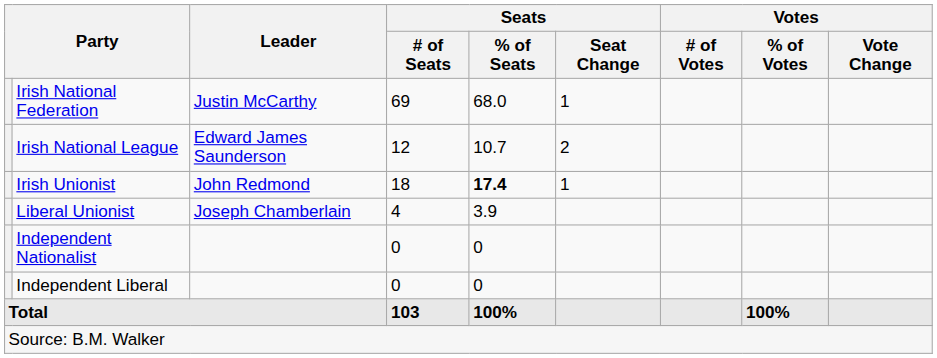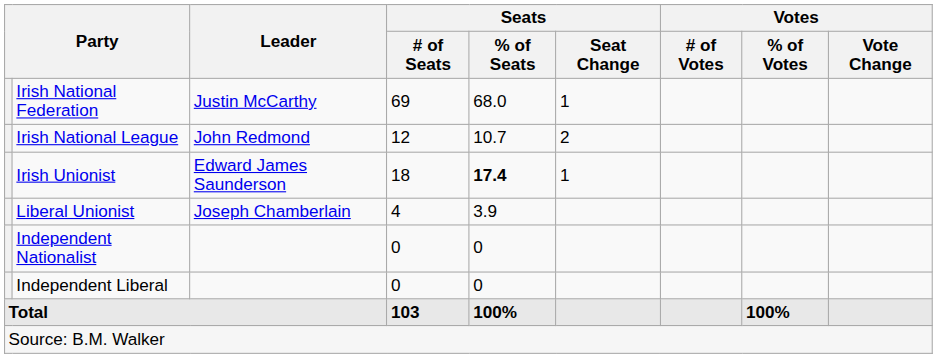 <table class="wikitable">
 <tr>
 <th rowspan="2" colspan="2">Party</th>
 <th rowspan="2">Leader</th>
 <th colspan="3">Seats</th>
 <th colspan="3">Votes</th>
 </tr>
 <tr>
 <th># of Seats</th>
 <th>% of Seats</th>
 <th>Seat Change</th>
 <th># of Votes</th>
 <th>% of Votes</th>
 <th>Vote Change</th>
 </tr>
 <tr>
 <th style="background-color: "></th>
 <td><a href='#'>Irish National Federation</a></td>
 <td><a href='#'>Justin McCarthy</a></td>
 <td>69</td>
 <td>68.0</td>
 <td>1</td>
 <td></td>
 <td></td>
 <td></td>
 </tr>
 <tr>
 <th style="background-color: "></th>
 <td><a href='#'>Irish National League</a></td>
-<td><a href='#'>Edward James Saunderson</a></td>
+<td><a href='#'>John Redmond</a></td>
 <td>12</td>
 <td>10.7</td>
 <td>2</td>
 <td></td>
 <td></td>
 <td></td>
 </tr>
 <tr>
 <th style="background-color: "></th>
 <td><a href='#'>Irish Unionist</a></td>
-<td><a href='#'>John Redmond</a></td>
+<td><a href='#'>Edward James Saunderson</a></td>
 <td>18</td>
 <td><strong>17.4</strong></td>
 <td>1</td>
 <td></td>
 <td></td>
 <td></td>
 </tr>
 <tr>
 <th style="background-color: "></th>
 <td><a href='#'>Liberal Unionist</a></td>
 <td><a href='#'>Joseph Chamberlain</a></td>
 <td>4</td>
 <td>3.9</td>
 <td></td>
 <td></td>
 <td></td>
 <td></td>
 </tr>
 <tr>
 <th style="background-color: "></th>
 <td><a href='#'>Independent Nationalist</a></td>
 <td></td>
 <td>0</td>
 <td>0</td>
 <td></td>
 <td></td>
 <td></td>
 <td></td>
 </tr>
 <tr>
 <th style="background-color: "></th>
 <td>Independent Liberal</td>
 <td></td>
 <td>0</td>
 <td>0</td>
 <td></td>
 <td></td>
 <td></td>
 <td></td>
 </tr>
 <tr class="sortbottom" style="font-weight:bold; background:rgb(232,232,232);">
 <td colspan=3>Total</td>
 <td>103</td>
 <td>100%</td>
 <td></td>
 <td></td>
 <td>100%</td>
 <td></td>
 </tr>
 <tr style="background-color:#F6F6F6">
 <td colspan="9" align="left">Source: B.M. Walker</td>
 </tr>
 </table>
